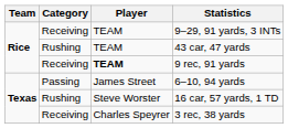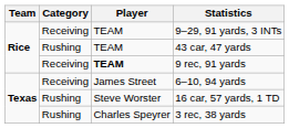 <table class="wikitable" style="float: right;">
 <tr>
 <th>Team</th>
 <th>Category</th>
 <th>Player</th>
 <th>Statistics</th>
 </tr>
 <tr>
 <td rowspan=3><strong>Rice</strong></td>
 <td>Receiving</td>
 <td>TEAM</td>
 <td>9–29, 91 yards, 3 INTs</td>
 </tr>
 <tr>
 <td>Rushing</td>
 <td>TEAM</td>
 <td>43 car, 47 yards</td>
 </tr>
 <tr>
 <td>Receiving</td>
 <td><strong>TEAM</strong></td>
 <td>9 rec, 91 yards</td>
 </tr>
 <tr>
 <td rowspan=3><strong>Texas</strong></td>
-<td>Passing</td>
+<td>Receiving</td>
 <td>James Street</td>
 <td>6–10, 94 yards</td>
 </tr>
 <tr>
 <td>Rushing</td>
 <td>Steve Worster</td>
 <td>16 car, 57 yards, 1 TD</td>
 </tr>
 <tr>
-<td>Receiving</td>
+<td>Rushing</td>
 <td>Charles Speyrer</td>
 <td>3 rec, 38 yards</td>
 </tr>
 </table>
